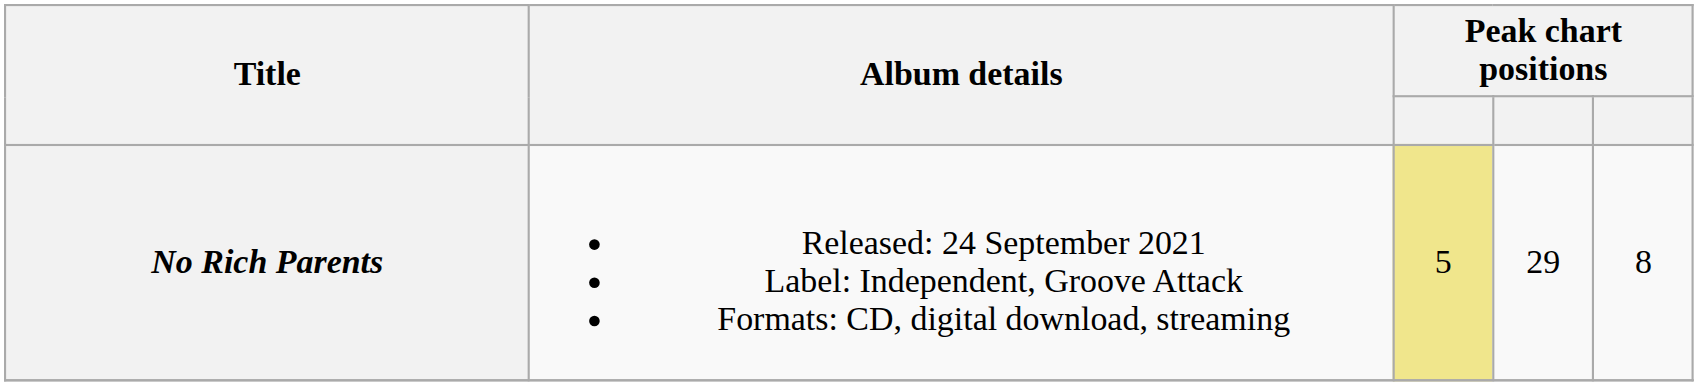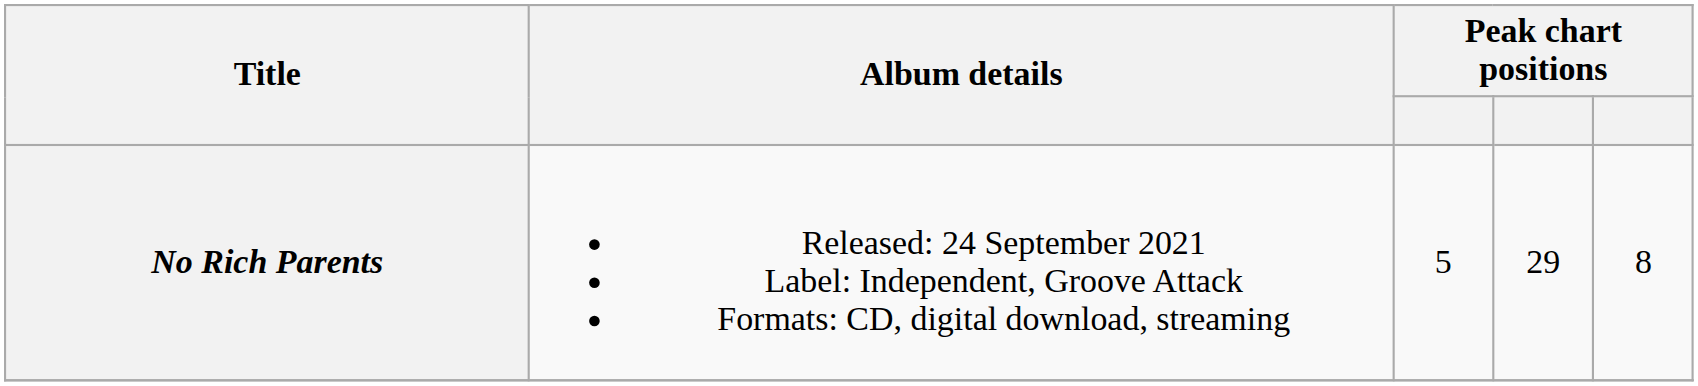 <table class="wikitable plainrowheaders" style="text-align:center">
 <tr>
 <th scope="col" rowspan="2" style="width: 15em;">Title</th>
 <th scope="col" rowspan="2" style="width: 25em;">Album details</th>
 <th scope="col" colspan="3">Peak chart positions</th>
 </tr>
 <tr>
 <th style="width:3em; font-size:85%;"><a href='#'></a><br></th>
 <th style="width:3em; font-size:85%;"><a href='#'></a><br></th>
 <th style="width:3em; font-size:85%;"><a href='#'></a><br></th>
 </tr>
 <tr>
 <th scope="row"><em>No Rich Parents</em><br></th>
 <td><br><ul><li>Released: 24 September 2021</li><li>Label: Independent, Groove Attack</li><li>Formats: CD, digital download, streaming</li></ul></td>
-<td style="background: khaki;">5</td>
+<td>5</td>
 <td>29</td>
 <td>8</td>
 </tr>
 <tr>
 </tr>
 </table>
